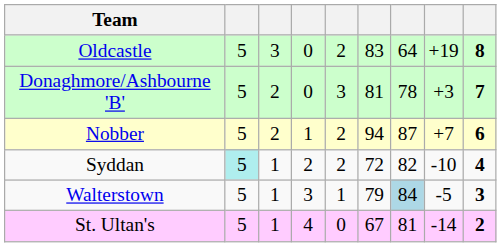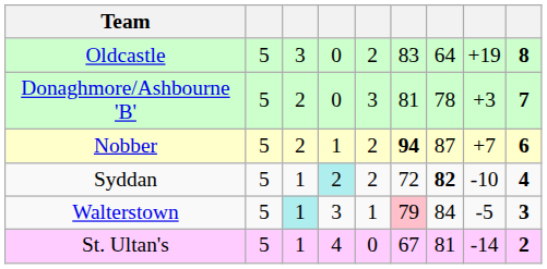 <table class="wikitable" style="text-align:center">
 <tr>
 <th style="width:175px;">Team</th>
 <th width="20"></th>
 <th width="20"></th>
 <th width="20"></th>
 <th width="20"></th>
 <th width="20"></th>
 <th width="20"></th>
 <th width="20"></th>
 <th width="20"></th>
 </tr>
 <tr style="background:#cfc;">
 <td><a href='#'>Oldcastle</a></td>
 <td>5</td>
 <td>3</td>
 <td>0</td>
 <td>2</td>
 <td>83</td>
 <td>64</td>
 <td>+19</td>
 <td><strong>8</strong></td>
 </tr>
 <tr style="background:#cfc;">
 <td><a href='#'>Donaghmore/Ashbourne 'B'</a></td>
 <td>5</td>
 <td>2</td>
 <td>0</td>
 <td>3</td>
 <td>81</td>
 <td>78</td>
 <td>+3</td>
 <td><strong>7</strong></td>
 </tr>
 <tr style="background:#ffffcc;">
 <td><a href='#'>Nobber</a></td>
 <td>5</td>
 <td>2</td>
 <td>1</td>
 <td>2</td>
-<td>94</td>
+<td><strong>94</strong></td>
 <td>87</td>
 <td>+7</td>
 <td><strong>6</strong></td>
 </tr>
 <tr>
 <td>Syddan</td>
-<td style="background: paleturquoise;">5</td>
+<td>5</td>
 <td>1</td>
-<td>2</td>
+<td style="background: paleturquoise;">2</td>
 <td>2</td>
 <td>72</td>
-<td>82</td>
+<td><strong>82</strong></td>
 <td>-10</td>
 <td><strong>4</strong></td>
 </tr>
 <tr>
 <td><a href='#'>Walterstown</a></td>
 <td>5</td>
-<td>1</td>
+<td style="background: paleturquoise;">1</td>
 <td>3</td>
 <td>1</td>
-<td>79</td>
-<td style="background: lightblue;">84</td>
+<td style="background: pink;">79</td>
+<td>84</td>
 <td>-5</td>
 <td><strong>3</strong></td>
 </tr>
 <tr style="background:#fcf;">
 <td>St. Ultan's</td>
 <td>5</td>
 <td>1</td>
 <td>4</td>
 <td>0</td>
 <td>67</td>
 <td>81</td>
 <td>-14</td>
 <td><strong>2</strong></td>
 </tr>
 </table>
